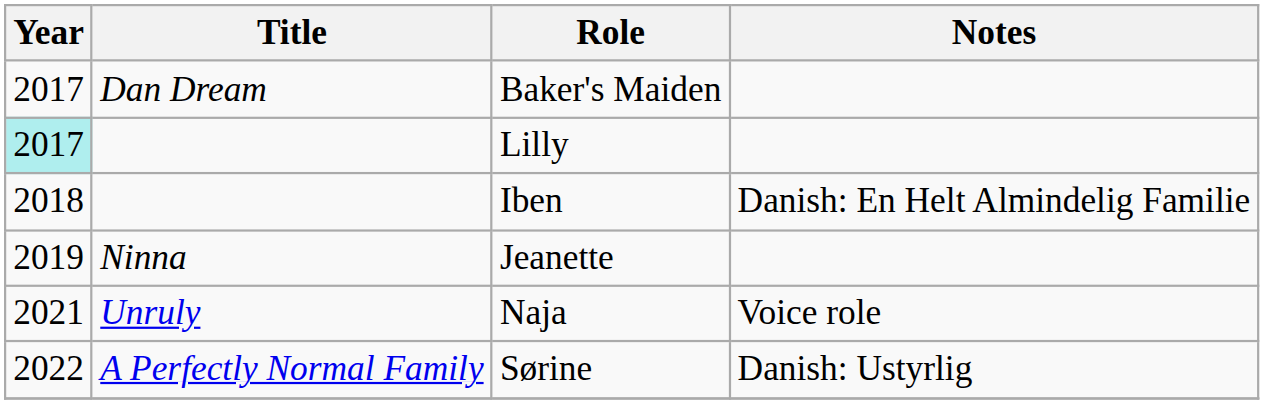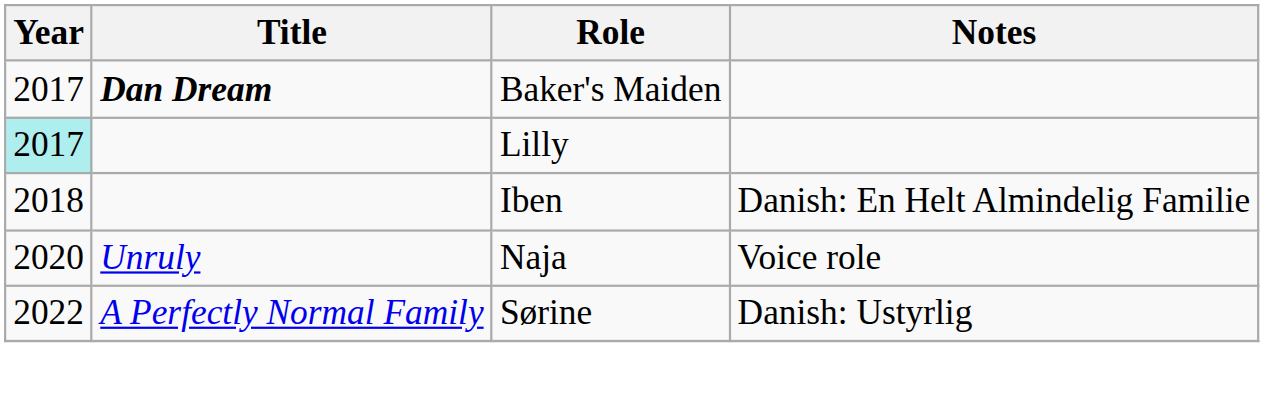 <table class="wikitable sor">
 <tr>
 <th>Year</th>
 <th>Title</th>
 <th>Role</th>
 <th>Notes</th>
 </tr>
 <tr>
 <td>2017</td>
-<td><em>Dan Dream</em></td>
+<td><strong><em>Dan Dream</em></strong></td>
 <td>Baker's Maiden</td>
 <td></td>
 </tr>
 <tr>
 <td style="background: paleturquoise;">2017</td>
 <td><em></em></td>
 <td>Lilly</td>
 <td></td>
 </tr>
 <tr>
 <td>2018</td>
 <td><em></em></td>
 <td>Iben</td>
 <td>Danish: En Helt Almindelig Familie</td>
 </tr>
 <tr>
-<td>2019</td>
-<td><em>Ninna</em></td>
-<td>Jeanette</td>
-<td></td>
-</tr>
-<tr>
-<td>2021</td>
+<td>2020</td>
 <td><em><a href='#'>Unruly</a></em></td>
 <td>Naja</td>
 <td>Voice role</td>
 </tr>
 <tr>
 <td>2022</td>
 <td><em><a href='#'>A Perfectly Normal Family</a></em></td>
 <td>Sørine</td>
 <td>Danish: Ustyrlig</td>
 </tr>
 <tr>
 </tr>
 </table>
